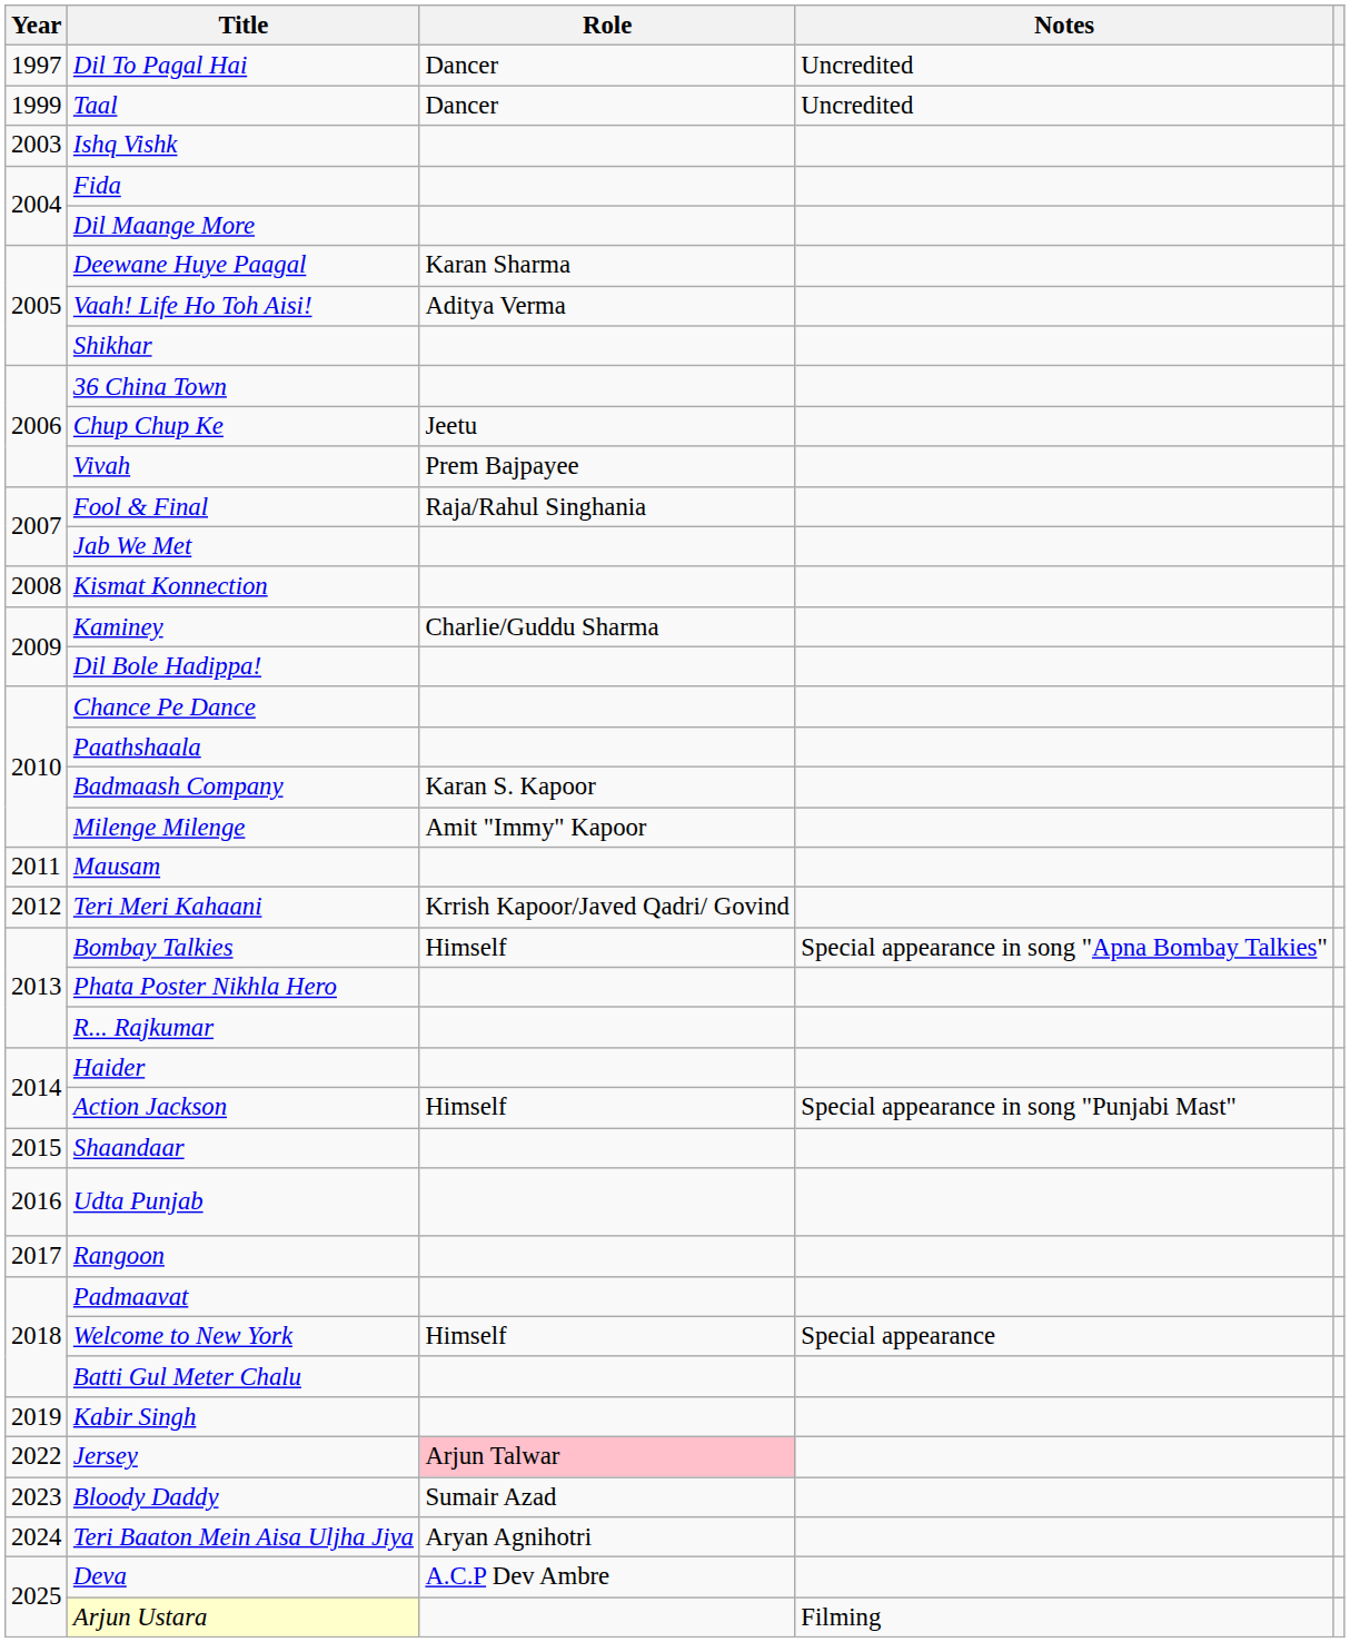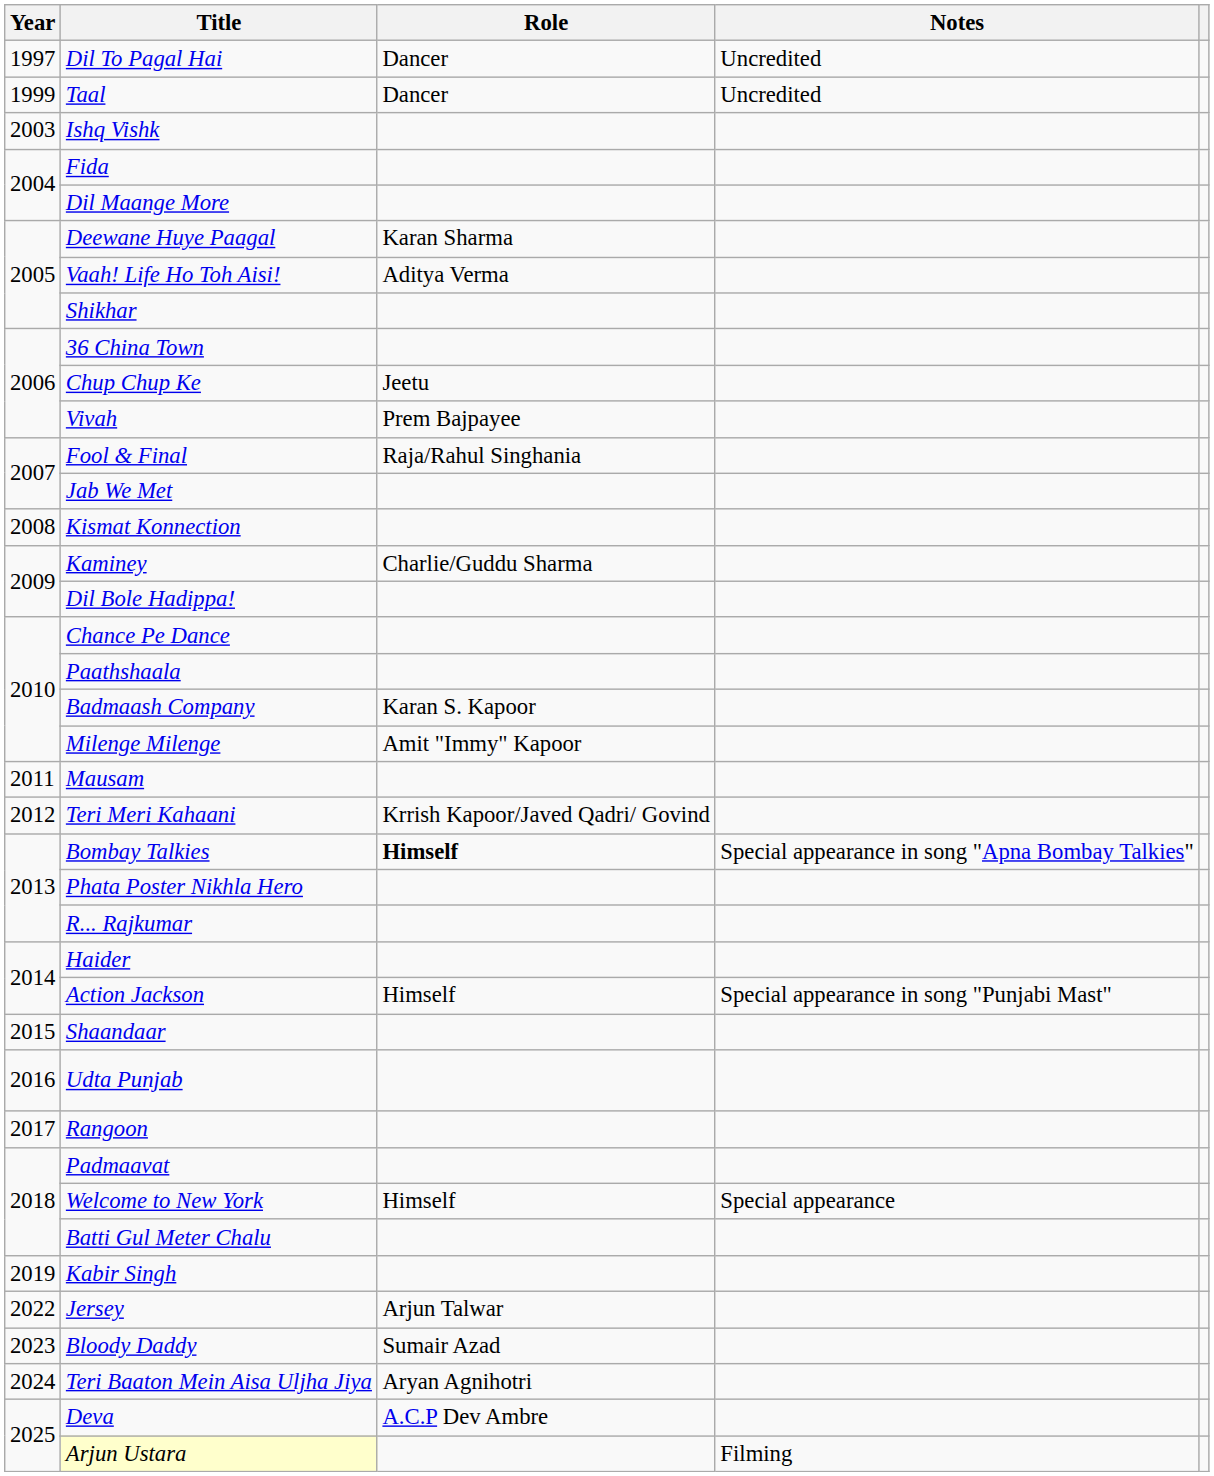 <table class="wikitable plainrowheaders sortable" style="margin-right: 0;">
 <tr>
 <th scope="col">Year</th>
 <th scope="col">Title</th>
 <th scope="col">Role</th>
 <th scope="col" class="unsortable">Notes</th>
 <th scope="col" class="unsortable"></th>
 </tr>
 <tr>
 <td>1997</td>
 <td scope="row"><em><a href='#'>Dil To Pagal Hai</a></em></td>
 <td>Dancer</td>
 <td>Uncredited</td>
 <td style="text-align: center;"></td>
 </tr>
 <tr>
 <td>1999</td>
 <td scope="row"><em><a href='#'>Taal</a></em></td>
 <td>Dancer</td>
 <td>Uncredited</td>
 <td style="text-align: center;"></td>
 </tr>
 <tr>
 <td>2003</td>
 <td scope="row"><em><a href='#'>Ishq Vishk</a></em></td>
 <td></td>
 <td></td>
 <td style="text-align: center;"></td>
 </tr>
 <tr>
 <td rowspan="2">2004</td>
 <td scope="row"><em><a href='#'>Fida</a></em></td>
 <td></td>
 <td></td>
 <td style="text-align: center;"></td>
 </tr>
 <tr>
 <td scope="row"><em><a href='#'>Dil Maange More</a></em></td>
 <td></td>
 <td></td>
 <td style="text-align: center;"></td>
 </tr>
 <tr>
 <td rowspan="3">2005</td>
 <td scope="row"><em><a href='#'>Deewane Huye Paagal</a></em></td>
 <td>Karan Sharma</td>
 <td></td>
 <td style="text-align: center;"></td>
 </tr>
 <tr>
 <td scope="row"><em><a href='#'>Vaah! Life Ho Toh Aisi!</a></em></td>
 <td>Aditya Verma</td>
 <td></td>
 <td style="text-align: center;"></td>
 </tr>
 <tr>
 <td scope="row"><em><a href='#'>Shikhar</a></em></td>
 <td></td>
 <td></td>
 <td style="text-align: center;"></td>
 </tr>
 <tr>
 <td rowspan="3">2006</td>
 <td scope="row"><em><a href='#'>36 China Town</a></em></td>
 <td></td>
 <td></td>
 <td style="text-align: center;"></td>
 </tr>
 <tr>
 <td scope="row"><em><a href='#'>Chup Chup Ke</a></em></td>
 <td>Jeetu</td>
 <td></td>
 <td style="text-align: center;"></td>
 </tr>
 <tr>
 <td scope="row"><em><a href='#'>Vivah</a></em></td>
 <td>Prem Bajpayee</td>
 <td></td>
 <td style="text-align: center;"></td>
 </tr>
 <tr>
 <td rowspan="2">2007</td>
 <td scope="row"><em><a href='#'>Fool & Final</a></em></td>
 <td>Raja/Rahul Singhania</td>
 <td></td>
 <td style="text-align: center;"></td>
 </tr>
 <tr>
 <td scope="row"><em><a href='#'>Jab We Met</a></em></td>
 <td></td>
 <td></td>
 <td style="text-align: center;"><br></td>
 </tr>
 <tr>
 <td>2008</td>
 <td scope="row"><em><a href='#'>Kismat Konnection</a></em></td>
 <td></td>
 <td></td>
 <td style="text-align: center;"></td>
 </tr>
 <tr>
 <td rowspan="2">2009</td>
 <td scope="row"><em><a href='#'>Kaminey</a></em></td>
 <td>Charlie/Guddu Sharma</td>
 <td></td>
 <td style="text-align: center;"><br></td>
 </tr>
 <tr>
 <td scope="row"><em><a href='#'>Dil Bole Hadippa!</a></em></td>
 <td></td>
 <td></td>
 <td style="text-align: center;"></td>
 </tr>
 <tr>
 <td rowspan="4">2010</td>
 <td scope="row"><em><a href='#'>Chance Pe Dance</a></em></td>
 <td></td>
 <td></td>
 <td style="text-align: center;"></td>
 </tr>
 <tr>
 <td scope="row"><em><a href='#'>Paathshaala</a></em></td>
 <td></td>
 <td></td>
 <td style="text-align: center;"></td>
 </tr>
 <tr>
 <td scope="row"><em><a href='#'>Badmaash Company</a></em></td>
 <td>Karan S. Kapoor</td>
 <td></td>
 <td style="text-align: center;"></td>
 </tr>
 <tr>
 <td scope="row"><em><a href='#'>Milenge Milenge</a></em></td>
 <td>Amit "Immy" Kapoor</td>
 <td></td>
 <td style="text-align: center;"></td>
 </tr>
 <tr>
 <td>2011</td>
 <td scope="row"><em><a href='#'>Mausam</a></em></td>
 <td></td>
 <td></td>
 <td style="text-align: center;"></td>
 </tr>
 <tr>
 <td>2012</td>
 <td scope="row"><em><a href='#'>Teri Meri Kahaani</a></em></td>
 <td>Krrish Kapoor/Javed Qadri/ Govind</td>
 <td></td>
 <td style="text-align: center;"></td>
 </tr>
 <tr>
 <td rowspan="3">2013</td>
 <td scope="row"><em><a href='#'>Bombay Talkies</a></em></td>
-<td>Himself</td>
+<td><strong>Himself</strong></td>
 <td>Special appearance in song "<a href='#'>Apna Bombay Talkies</a>"</td>
 <td style="text-align: center;"></td>
 </tr>
 <tr>
 <td scope="row"><em><a href='#'>Phata Poster Nikhla Hero</a></em></td>
 <td></td>
 <td></td>
 <td style="text-align: center;"></td>
 </tr>
 <tr>
 <td scope="row"><em><a href='#'>R... Rajkumar</a></em></td>
 <td></td>
 <td></td>
 <td style="text-align: center;"></td>
 </tr>
 <tr>
 <td rowspan="2">2014</td>
 <td scope="row"><em><a href='#'>Haider</a></em></td>
 <td></td>
 <td></td>
 <td style="text-align: center;"><br></td>
 </tr>
 <tr>
 <td scope="row"><em><a href='#'>Action Jackson</a></em></td>
 <td>Himself</td>
 <td>Special appearance in song "Punjabi Mast"</td>
 <td style="text-align: center;"></td>
 </tr>
 <tr>
 <td>2015</td>
 <td scope="row"><em><a href='#'>Shaandaar</a></em></td>
 <td></td>
 <td></td>
 <td style="text-align: center;"></td>
 </tr>
 <tr>
 <td>2016</td>
 <td scope="row"><em><a href='#'>Udta Punjab</a></em></td>
 <td></td>
 <td></td>
 <td style="text-align: center;"><br><br></td>
 </tr>
 <tr>
 <td>2017</td>
 <td scope="row"><em><a href='#'>Rangoon</a></em></td>
 <td></td>
 <td></td>
 <td style="text-align: center;"></td>
 </tr>
 <tr>
 <td rowspan="3">2018</td>
 <td scope="row"><em><a href='#'>Padmaavat</a></em></td>
 <td></td>
 <td></td>
 <td style="text-align: center;"></td>
 </tr>
 <tr>
 <td scope="row"><em><a href='#'>Welcome to New York</a></em></td>
 <td>Himself</td>
 <td>Special appearance</td>
 <td style="text-align: center;"></td>
 </tr>
 <tr>
 <td scope="row"><em><a href='#'>Batti Gul Meter Chalu</a></em></td>
 <td></td>
 <td></td>
 <td style="text-align: center;"></td>
 </tr>
 <tr>
 <td>2019</td>
 <td scope="row"><em><a href='#'>Kabir Singh</a></em></td>
 <td></td>
 <td></td>
 <td style="text-align: center;"></td>
 </tr>
 <tr>
 <td>2022</td>
 <td scope="row"><em><a href='#'>Jersey</a></em></td>
-<td style="background: pink;">Arjun Talwar</td>
+<td>Arjun Talwar</td>
 <td></td>
 <td style="text-align: center;"></td>
 </tr>
 <tr>
 <td>2023</td>
 <td scope="row"><em><a href='#'>Bloody Daddy</a></em></td>
 <td>Sumair Azad</td>
 <td></td>
 <td style="text-align: center;"></td>
 </tr>
 <tr>
 <td>2024</td>
 <td scope="row"><em><a href='#'>Teri Baaton Mein Aisa Uljha Jiya</a></em></td>
 <td>Aryan Agnihotri</td>
 <td></td>
 <td style="text-align: center;"></td>
 </tr>
 <tr>
 <td rowspan="2">2025</td>
 <td scope="row"><em><a href='#'>Deva</a></em></td>
 <td><a href='#'>A.C.P</a> Dev Ambre</td>
 <td></td>
 <td style="text-align: center;"></td>
 </tr>
 <tr>
 <td scope="row" style="background:#FFFFCC;"><em>Arjun Ustara</em> </td>
 <td></td>
 <td>Filming</td>
 <td style="text-align: center;"></td>
 </tr>
 </table>
